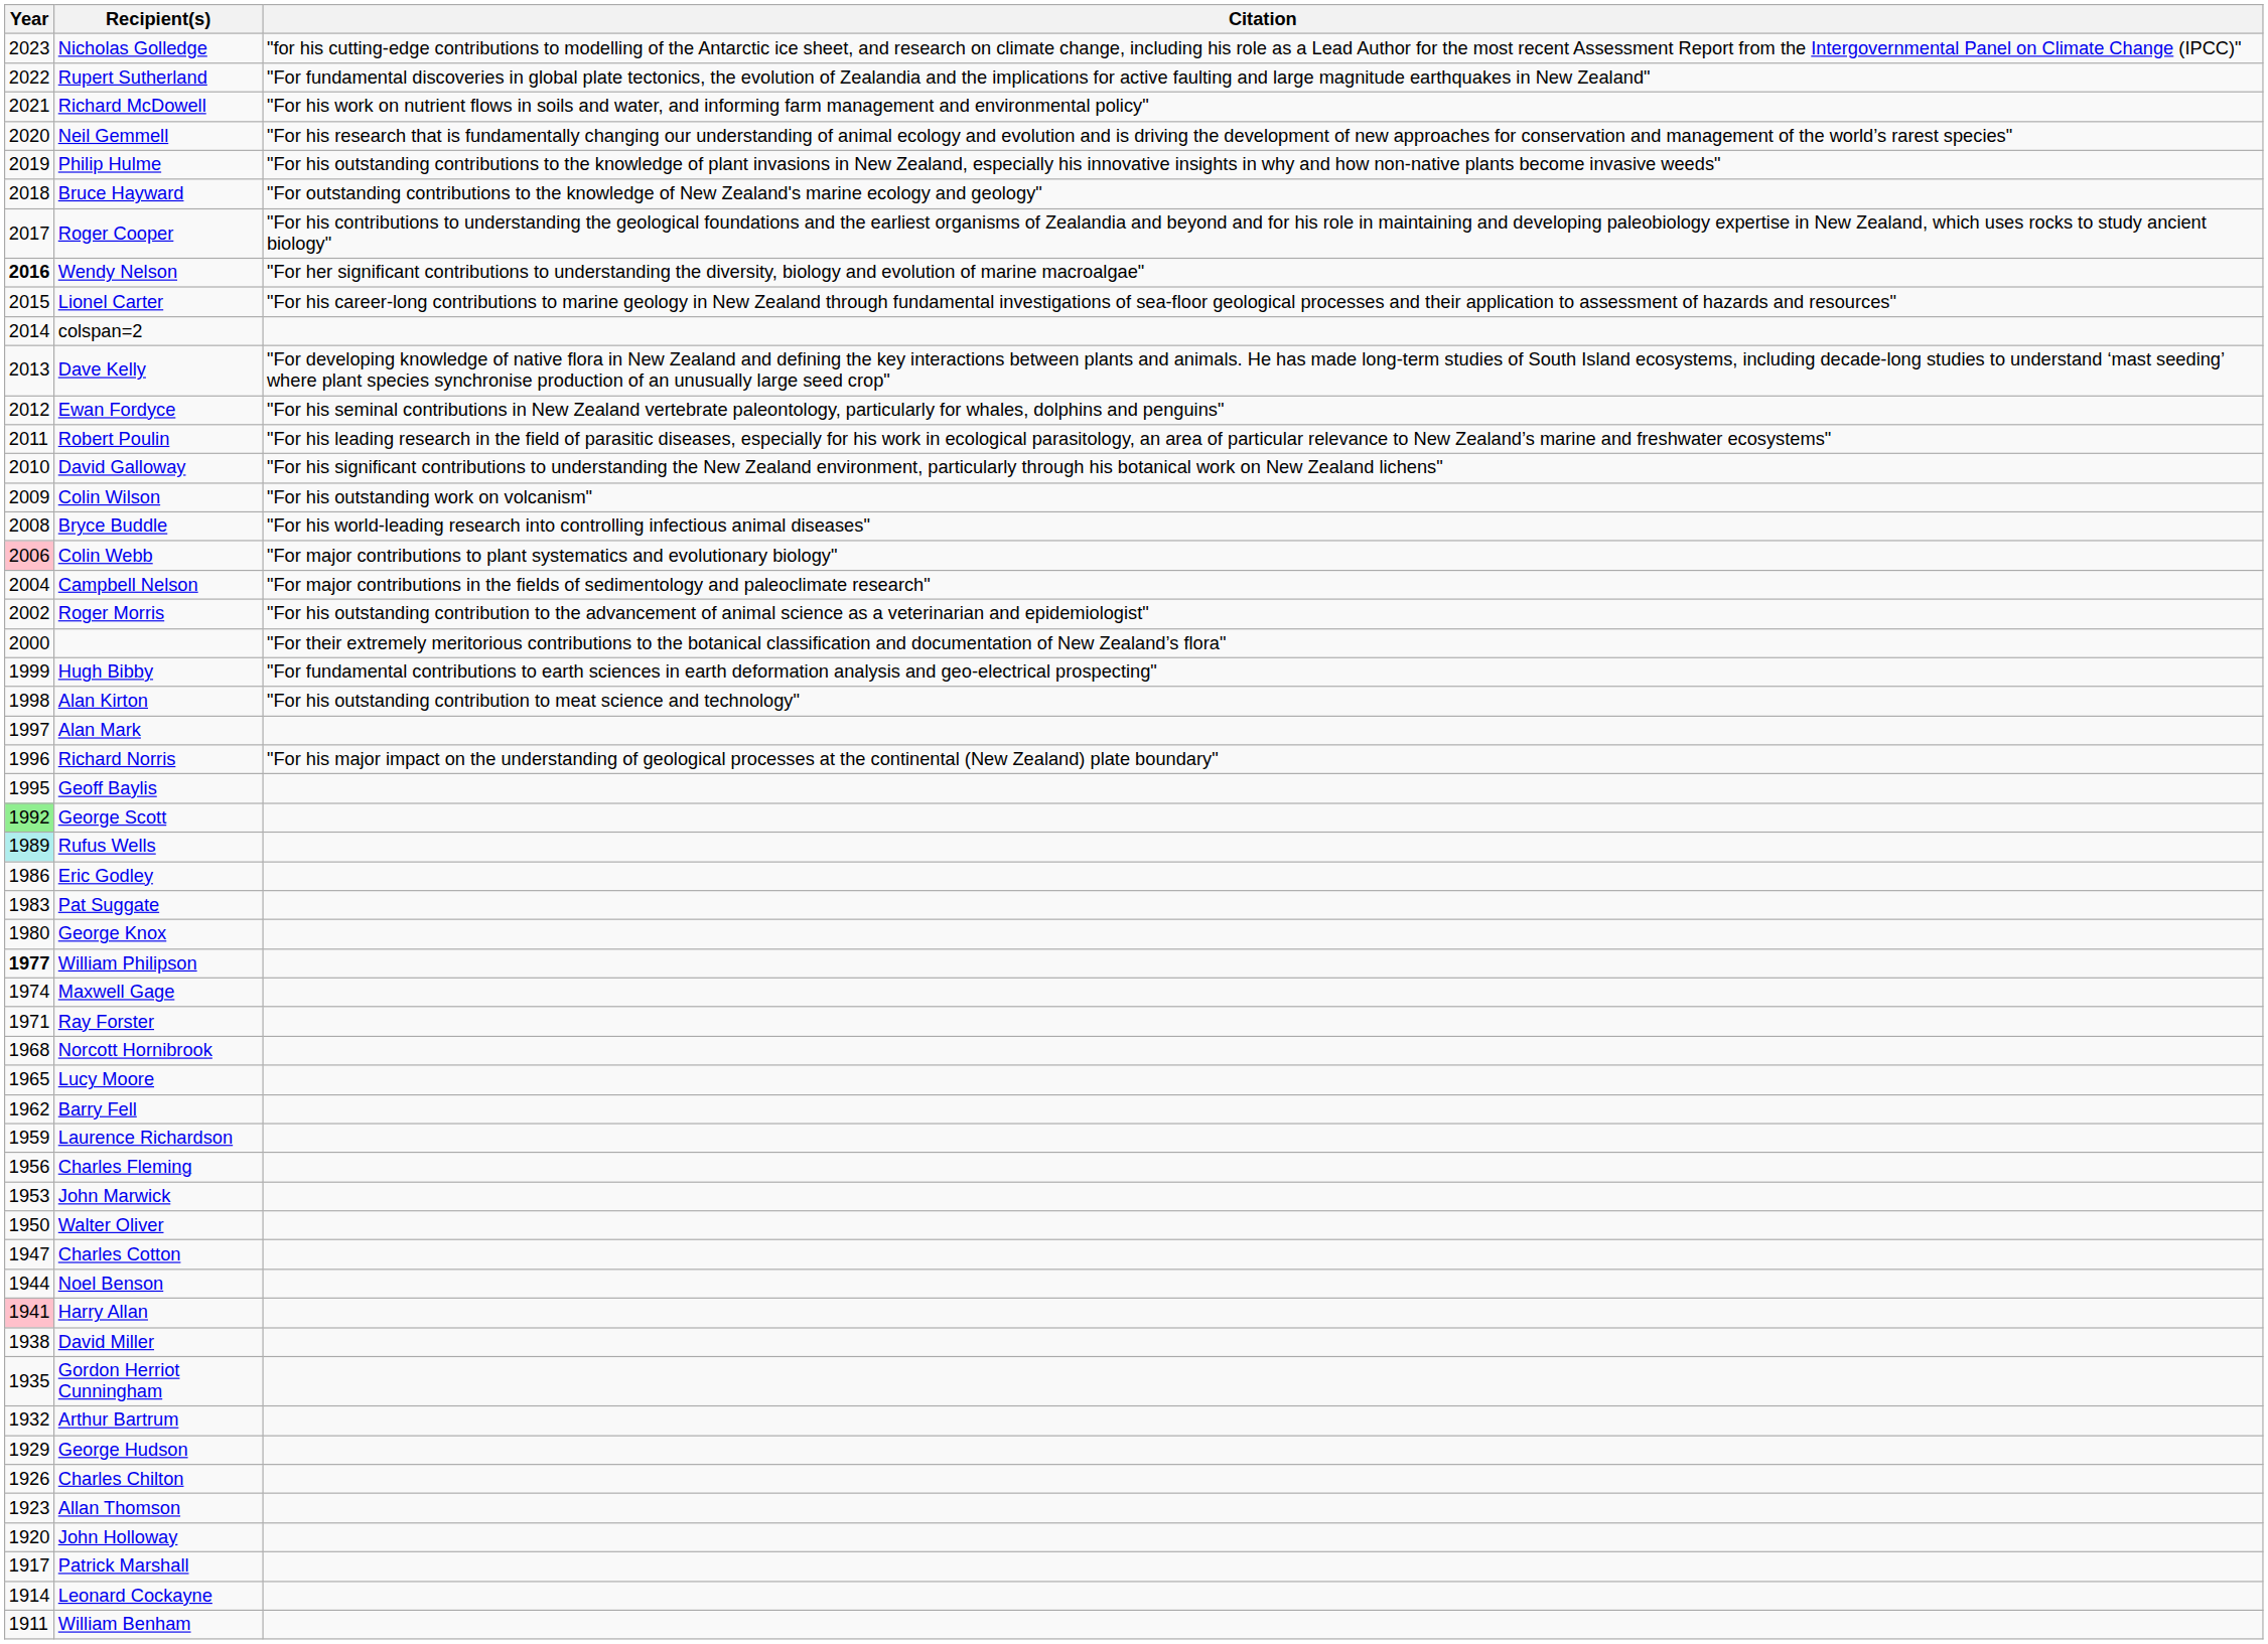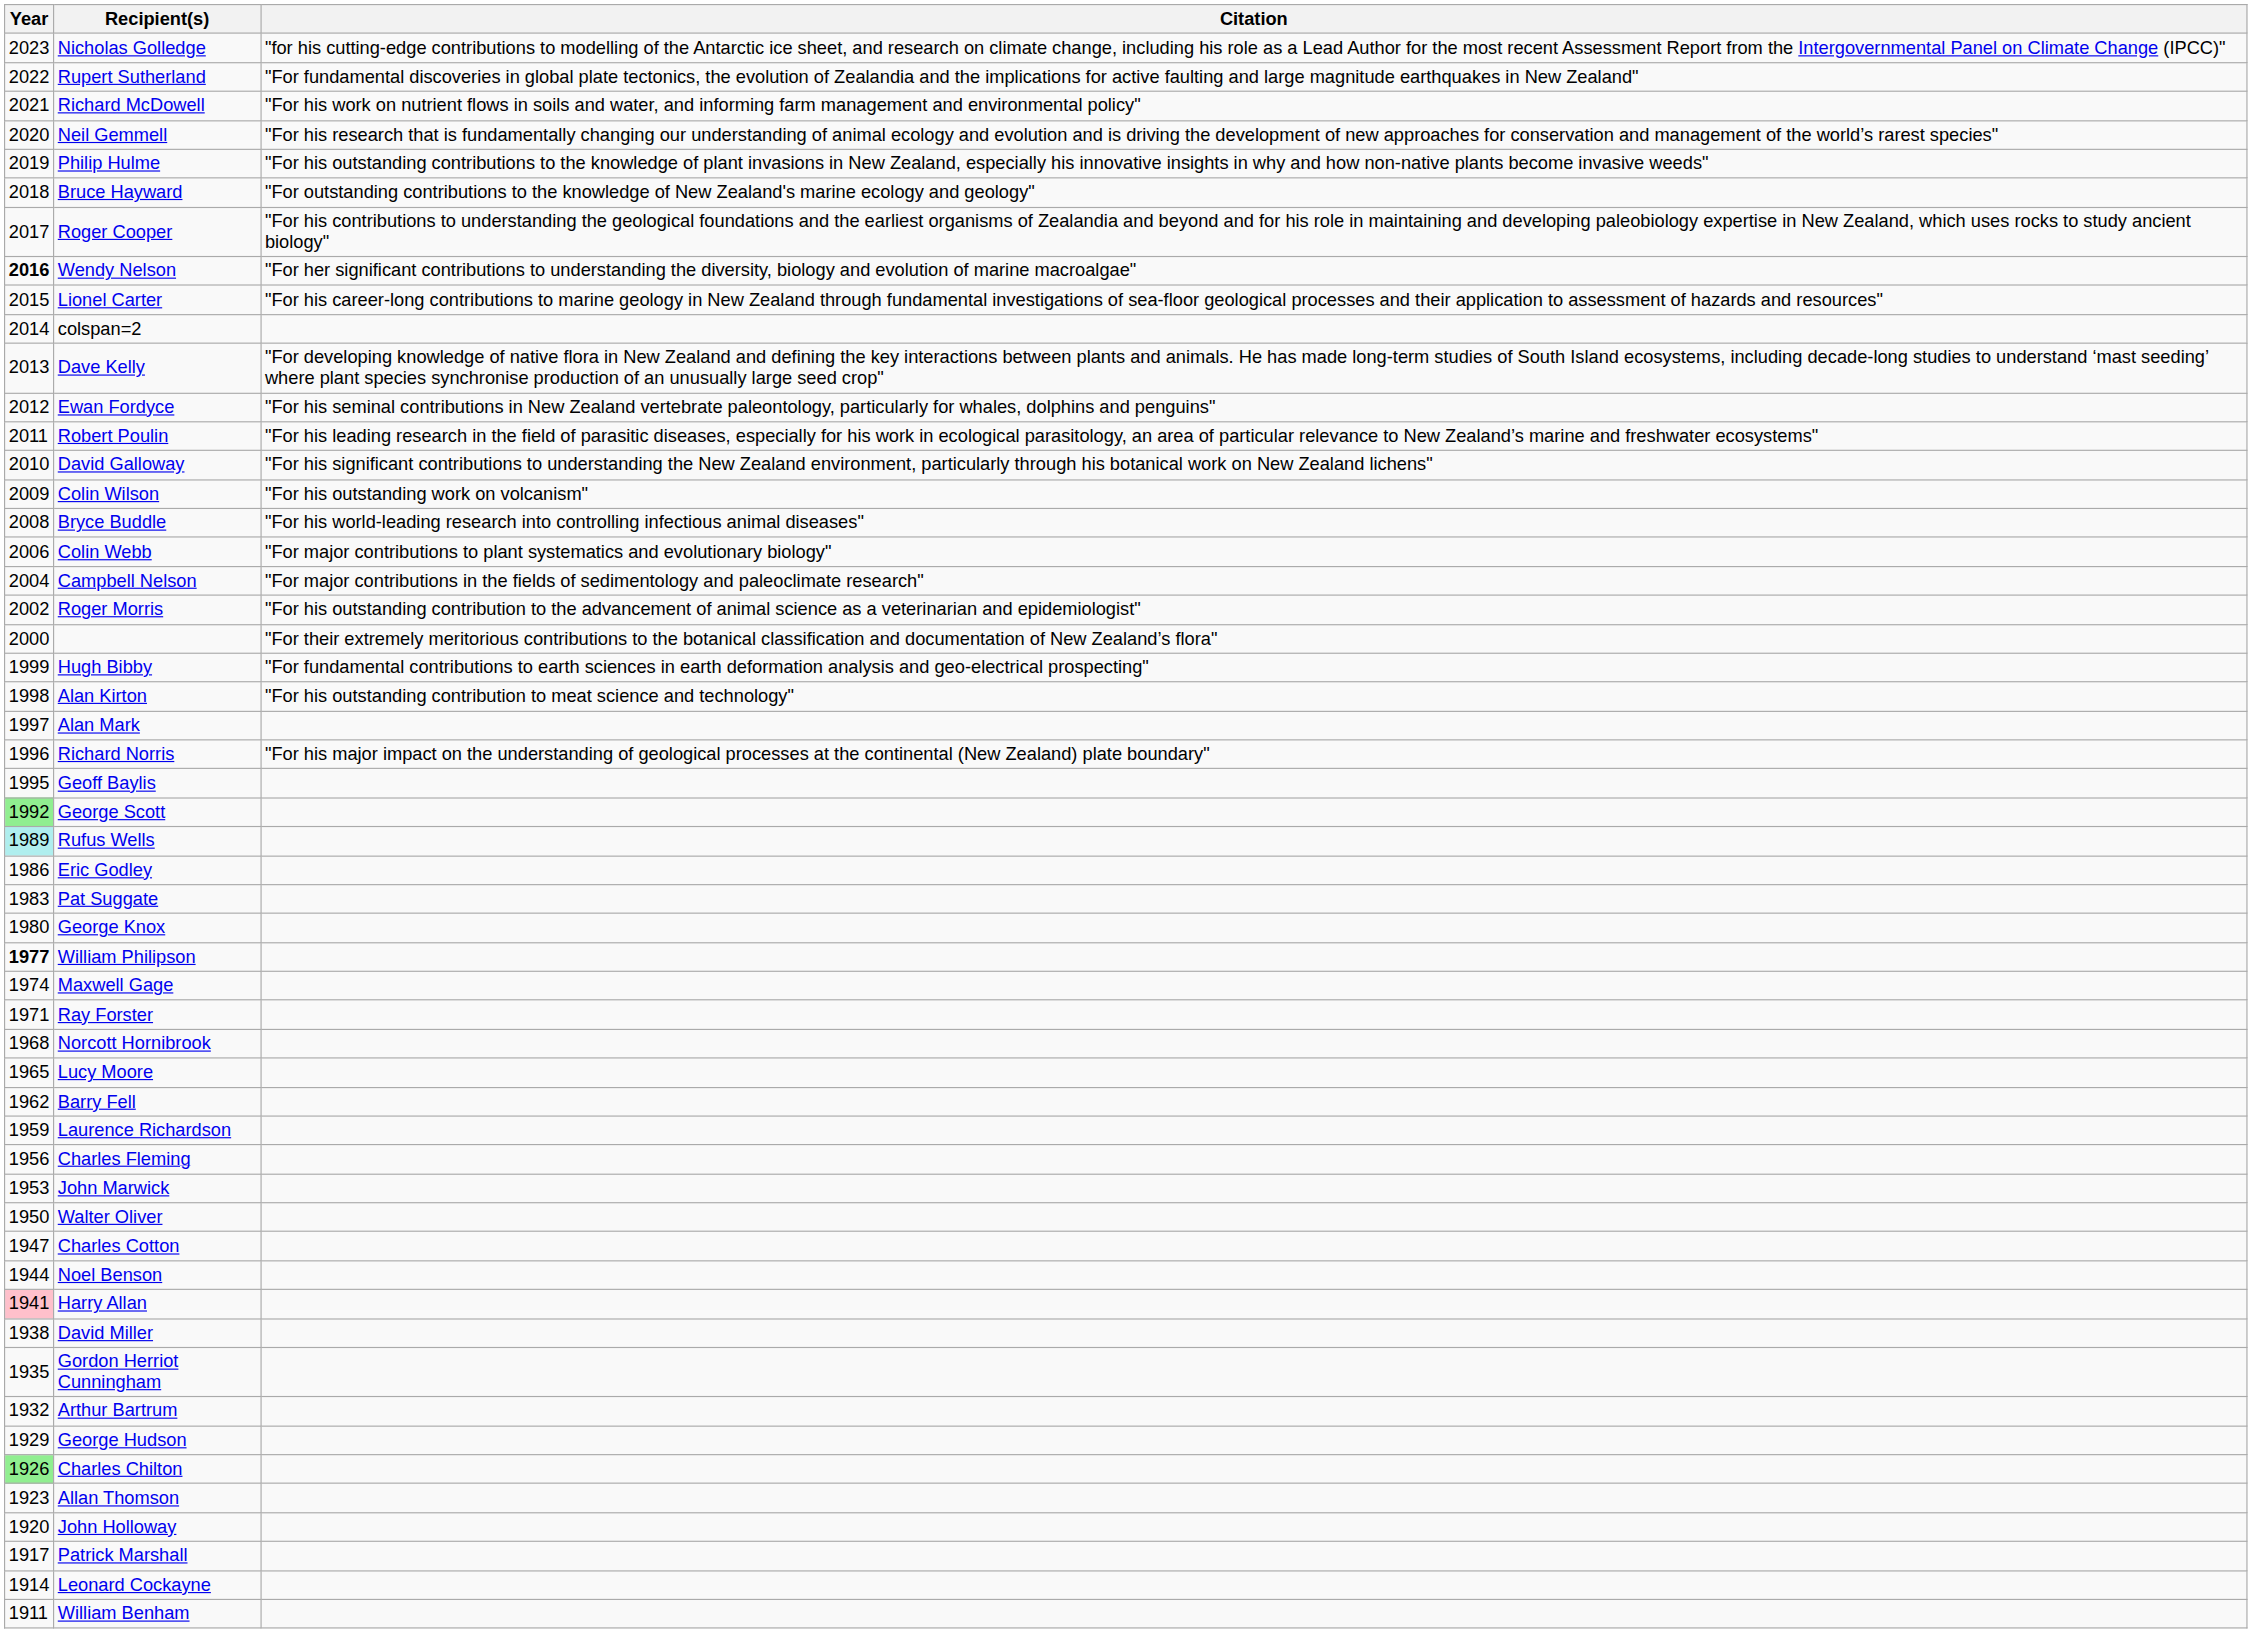 <table class="wikitable">
 <tr>
 <th>Year</th>
 <th>Recipient(s)</th>
 <th>Citation</th>
 </tr>
 <tr>
 <td>2023</td>
 <td><a href='#'>Nicholas Golledge</a></td>
 <td>"for his cutting-edge contributions to modelling of the Antarctic ice sheet, and research on climate change, including his role as a Lead Author for the most recent Assessment Report from the <a href='#'>Intergovernmental Panel on Climate Change</a> (IPCC)"</td>
 </tr>
 <tr>
 <td>2022</td>
 <td><a href='#'>Rupert Sutherland</a></td>
 <td>"For fundamental discoveries in global plate tectonics, the evolution of Zealandia and the implications for active faulting and large magnitude earthquakes in New Zealand"</td>
 </tr>
 <tr>
 <td>2021</td>
 <td><a href='#'>Richard McDowell</a></td>
 <td>"For his work on nutrient flows in soils and water, and informing farm management and environmental policy"</td>
 </tr>
 <tr>
 <td>2020</td>
 <td><a href='#'>Neil Gemmell</a></td>
 <td>"For his research that is fundamentally changing our understanding of animal ecology and evolution and is driving the development of new approaches for conservation and management of the world’s rarest species"</td>
 </tr>
 <tr>
 <td>2019</td>
 <td><a href='#'>Philip Hulme</a></td>
 <td>"For his outstanding contributions to the knowledge of plant invasions in New Zealand, especially his innovative insights in why and how non-native plants become invasive weeds"</td>
 </tr>
 <tr>
 <td>2018</td>
 <td><a href='#'>Bruce Hayward</a></td>
 <td>"For outstanding contributions to the knowledge of New Zealand's marine ecology and geology"</td>
 </tr>
 <tr>
 <td>2017</td>
 <td><a href='#'>Roger Cooper</a></td>
 <td>"For his contributions to understanding the geological foundations and the earliest organisms of Zealandia and beyond and for his role in maintaining and developing paleobiology expertise in New Zealand, which uses rocks to study ancient biology"</td>
 </tr>
 <tr>
 <td><strong>2016</strong></td>
 <td><a href='#'>Wendy Nelson</a></td>
 <td>"For her significant contributions to understanding the diversity, biology and evolution of marine macroalgae"</td>
 </tr>
 <tr>
 <td>2015</td>
 <td><a href='#'>Lionel Carter</a></td>
 <td>"For his career-long contributions to marine geology in New Zealand through fundamental investigations of sea-floor geological processes and their application to assessment of hazards and resources"</td>
 </tr>
 <tr>
 <td>2014</td>
 <td>colspan=2 </td>
 </tr>
 <tr>
 <td>2013</td>
 <td><a href='#'>Dave Kelly</a></td>
 <td>"For developing knowledge of native flora in New Zealand and defining the key interactions between plants and animals. He has made long-term studies of South Island ecosystems, including decade-long studies to understand ‘mast seeding’ where plant species synchronise production of an unusually large seed crop"</td>
 </tr>
 <tr>
 <td>2012</td>
 <td><a href='#'>Ewan Fordyce</a></td>
 <td>"For his seminal contributions in New Zealand vertebrate paleontology, particularly for whales, dolphins and penguins"</td>
 </tr>
 <tr>
 <td>2011</td>
 <td><a href='#'>Robert Poulin</a></td>
 <td>"For his leading research in the field of parasitic diseases, especially for his work in ecological parasitology, an area of particular relevance to New Zealand’s marine and freshwater ecosystems"</td>
 </tr>
 <tr>
 <td>2010</td>
 <td><a href='#'>David Galloway</a></td>
 <td>"For his significant contributions to understanding the New Zealand environment, particularly through his botanical work on New Zealand lichens"</td>
 </tr>
 <tr>
 <td>2009</td>
 <td><a href='#'>Colin Wilson</a></td>
 <td>"For his outstanding work on volcanism"</td>
 </tr>
 <tr>
 <td>2008</td>
 <td><a href='#'>Bryce Buddle</a></td>
 <td>"For his world-leading research into controlling infectious animal diseases"</td>
 </tr>
 <tr>
-<td style="background: pink;">2006</td>
+<td>2006</td>
 <td><a href='#'>Colin Webb</a></td>
 <td>"For major contributions to plant systematics and evolutionary biology"</td>
 </tr>
 <tr>
 <td>2004</td>
 <td><a href='#'>Campbell Nelson</a></td>
 <td>"For major contributions in the fields of sedimentology and paleoclimate research"</td>
 </tr>
 <tr>
 <td>2002</td>
 <td><a href='#'>Roger Morris</a></td>
 <td>"For his outstanding contribution to the advancement of animal science as a veterinarian and epidemiologist"</td>
 </tr>
 <tr>
 <td>2000</td>
 <td></td>
 <td>"For their extremely meritorious contributions to the botanical classification and documentation of New Zealand’s flora"</td>
 </tr>
 <tr>
 <td>1999</td>
 <td><a href='#'>Hugh Bibby</a></td>
 <td>"For fundamental contributions to earth sciences in earth deformation analysis and geo-electrical prospecting"</td>
 </tr>
 <tr>
 <td>1998</td>
 <td><a href='#'>Alan Kirton</a></td>
 <td>"For his outstanding contribution to meat science and technology"</td>
 </tr>
 <tr>
 <td>1997</td>
 <td><a href='#'>Alan Mark</a></td>
 <td></td>
 </tr>
 <tr>
 <td>1996</td>
 <td><a href='#'>Richard Norris</a></td>
 <td>"For his major impact on the understanding of geological processes at the continental (New Zealand) plate boundary"</td>
 </tr>
 <tr>
 <td>1995</td>
 <td><a href='#'>Geoff Baylis</a></td>
 <td></td>
 </tr>
 <tr>
 <td style="background: lightgreen;">1992</td>
 <td><a href='#'>George Scott</a></td>
 <td></td>
 </tr>
 <tr>
 <td style="background: paleturquoise;">1989</td>
 <td><a href='#'>Rufus Wells</a></td>
 <td></td>
 </tr>
 <tr>
 <td>1986</td>
 <td><a href='#'>Eric Godley</a></td>
 <td></td>
 </tr>
 <tr>
 <td>1983</td>
 <td><a href='#'>Pat Suggate</a></td>
 <td></td>
 </tr>
 <tr>
 <td>1980</td>
 <td><a href='#'>George Knox</a></td>
 <td></td>
 </tr>
 <tr>
 <td><strong>1977</strong></td>
 <td><a href='#'>William Philipson</a></td>
 <td></td>
 </tr>
 <tr>
 <td>1974</td>
 <td><a href='#'>Maxwell Gage</a></td>
 <td></td>
 </tr>
 <tr>
 <td>1971</td>
 <td><a href='#'>Ray Forster</a></td>
 <td></td>
 </tr>
 <tr>
 <td>1968</td>
 <td><a href='#'>Norcott Hornibrook</a></td>
 <td></td>
 </tr>
 <tr>
 <td>1965</td>
 <td><a href='#'>Lucy Moore</a></td>
 <td></td>
 </tr>
 <tr>
 <td>1962</td>
 <td><a href='#'>Barry Fell</a></td>
 <td></td>
 </tr>
 <tr>
 <td>1959</td>
 <td><a href='#'>Laurence Richardson</a></td>
 <td></td>
 </tr>
 <tr>
 <td>1956</td>
 <td><a href='#'>Charles Fleming</a></td>
 <td></td>
 </tr>
 <tr>
 <td>1953</td>
 <td><a href='#'>John Marwick</a></td>
 <td></td>
 </tr>
 <tr>
 <td>1950</td>
 <td><a href='#'>Walter Oliver</a></td>
 <td></td>
 </tr>
 <tr>
 <td>1947</td>
 <td><a href='#'>Charles Cotton</a></td>
 <td></td>
 </tr>
 <tr>
 <td>1944</td>
 <td><a href='#'>Noel Benson</a></td>
 <td></td>
 </tr>
 <tr>
 <td style="background: pink;">1941</td>
 <td><a href='#'>Harry Allan</a></td>
 <td></td>
 </tr>
 <tr>
 <td>1938</td>
 <td><a href='#'>David Miller</a></td>
 <td></td>
 </tr>
 <tr>
 <td>1935</td>
 <td><a href='#'>Gordon Herriot Cunningham</a></td>
 <td></td>
 </tr>
 <tr>
 <td>1932</td>
 <td><a href='#'>Arthur Bartrum</a></td>
 <td></td>
 </tr>
 <tr>
 <td>1929</td>
 <td><a href='#'>George Hudson</a></td>
 <td></td>
 </tr>
 <tr>
-<td>1926</td>
+<td style="background: lightgreen;">1926</td>
 <td><a href='#'>Charles Chilton</a></td>
 <td></td>
 </tr>
 <tr>
 <td>1923</td>
 <td><a href='#'>Allan Thomson</a></td>
 <td></td>
 </tr>
 <tr>
 <td>1920</td>
 <td><a href='#'>John Holloway</a></td>
 <td></td>
 </tr>
 <tr>
 <td>1917</td>
 <td><a href='#'>Patrick Marshall</a></td>
 <td></td>
 </tr>
 <tr>
 <td>1914</td>
 <td><a href='#'>Leonard Cockayne</a></td>
 <td></td>
 </tr>
 <tr>
 <td>1911</td>
 <td><a href='#'>William Benham</a></td>
 <td></td>
 </tr>
 </table>
